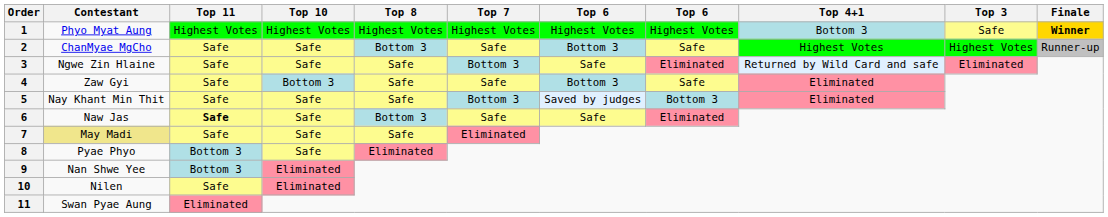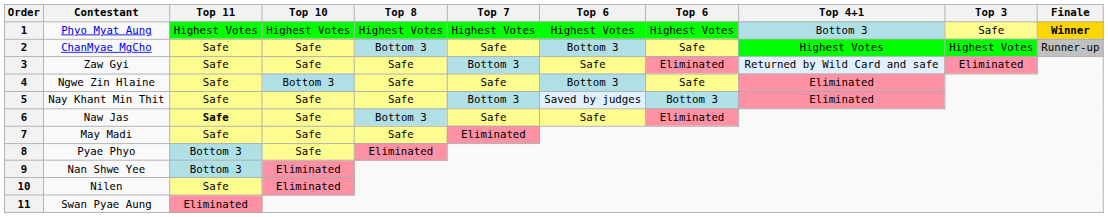 <table class="wikitable nowrap" style="text-align:center; font-size:95%; width:100%;">
 <tr>
 <th scope="col">Order</th>
 <th scope="col">Contestant</th>
 <th scope="col">Top 11</th>
 <th scope="col">Top 10</th>
 <th scope="col">Top 8</th>
 <th scope="col">Top 7</th>
 <th scope="col">Top 6</th>
 <th scope="col">Top 6</th>
 <th scope="col">Top 4+1</th>
 <th scope="col">Top 3</th>
 <th scope="col">Finale</th>
 </tr>
 <tr>
 <th>1</th>
 <td><a href='#'>Phyo Myat Aung</a></td>
 <td style="background:#00FF00;">Highest Votes</td>
 <td style="background:#00FF00;">Highest Votes</td>
 <td style="background:#00FF00;">Highest Votes</td>
 <td style="background:#00FF00;">Highest Votes</td>
 <td style="background:#00FF00;">Highest Votes</td>
 <td style="background:#00FF00;">Highest Votes</td>
 <td style="background:#B0E0E6;">Bottom 3</td>
 <td style="background:#FDFC8F;">Safe</td>
 <td style="background:gold;"><strong>Winner</strong></td>
 </tr>
 <tr>
 <th>2</th>
 <td><a href='#'>ChanMyae MgCho</a></td>
 <td style="background:#FDFC8F;">Safe</td>
 <td style="background:#FDFC8F;">Safe</td>
 <td style="background:#B0E0E6;">Bottom 3</td>
 <td style="background:#FDFC8F;">Safe</td>
 <td style="background:#B0E0E6;">Bottom 3</td>
 <td style="background:#FDFC8F;">Safe</td>
 <td style="background:#00FF00;">Highest Votes</td>
 <td style="background:#00FF00;">Highest Votes</td>
 <td style="background:silver;">Runner-up</td>
 </tr>
 <tr>
 <th>3</th>
-<td>Ngwe Zin Hlaine</td>
+<td>Zaw Gyi</td>
 <td style="background:#FDFC8F;">Safe</td>
 <td style="background:#FDFC8F;">Safe</td>
 <td style="background:#FDFC8F;">Safe</td>
 <td style="background:#B0E0E6;">Bottom 3</td>
 <td style="background:#FDFC8F;">Safe</td>
 <td style="background:#FF91A4;">Eliminated</td>
 <td style="background:#e0f0ff;">Returned by Wild Card and safe</td>
 <td style="background:#FF91A4;">Eliminated</td>
 </tr>
 <tr>
 <th>4</th>
-<td>Zaw Gyi</td>
+<td>Ngwe Zin Hlaine</td>
 <td style="background:#FDFC8F;">Safe</td>
 <td style="background:#B0E0E6;">Bottom 3</td>
 <td style="background:#FDFC8F;">Safe</td>
 <td style="background:#FDFC8F;">Safe</td>
 <td style="background:#B0E0E6;">Bottom 3</td>
 <td style="background:#FDFC8F;">Safe</td>
 <td style="background:#FF91A4;">Eliminated</td>
 </tr>
 <tr>
 <th>5</th>
 <td>Nay Khant Min Thit</td>
 <td style="background:#FDFC8F;">Safe</td>
 <td style="background:#FDFC8F;">Safe</td>
 <td style="background:#FDFC8F;">Safe</td>
 <td style="background:#B0E0E6;">Bottom 3</td>
 <td style="background:#e0f0ff;">Saved by judges</td>
 <td style="background:#B0E0E6;">Bottom 3</td>
 <td style="background:#FF91A4;">Eliminated</td>
 </tr>
 <tr>
 <th>6</th>
 <td>Naw Jas</td>
 <td style="background:#FDFC8F;"><strong>Safe</strong></td>
 <td style="background:#FDFC8F;">Safe</td>
 <td style="background:#B0E0E6;">Bottom 3</td>
 <td style="background:#FDFC8F;">Safe</td>
 <td style="background:#FDFC8F;">Safe</td>
 <td style="background:#FF91A4;">Eliminated</td>
 </tr>
 <tr>
 <th>7</th>
-<td style="background: khaki;">May Madi</td>
+<td>May Madi</td>
 <td style="background:#FDFC8F;">Safe</td>
 <td style="background:#FDFC8F;">Safe</td>
 <td style="background:#FDFC8F;">Safe</td>
 <td style="background:#FF91A4;">Eliminated</td>
 </tr>
 <tr>
 <th>8</th>
 <td>Pyae Phyo</td>
 <td style="background:#B0E0E6;">Bottom 3</td>
 <td style="background:#FDFC8F;">Safe</td>
 <td style="background:#FF91A4;">Eliminated</td>
 </tr>
 <tr>
 <th>9</th>
 <td>Nan Shwe Yee</td>
 <td style="background:#B0E0E6;">Bottom 3</td>
 <td style="background:#FF91A4;">Eliminated</td>
 </tr>
 <tr>
 <th>10</th>
 <td>Nilen</td>
 <td style="background:#FDFC8F;">Safe</td>
 <td style="background:#FF91A4;">Eliminated</td>
 </tr>
 <tr>
 <th>11</th>
 <td>Swan Pyae Aung</td>
 <td style="background:#FF91A4;">Eliminated</td>
 </tr>
 </table>
